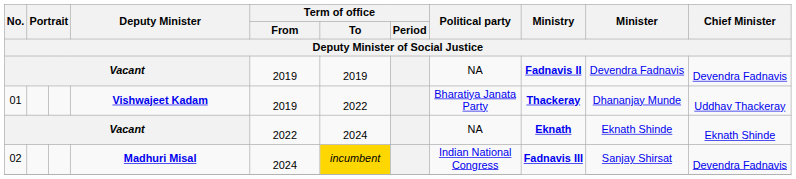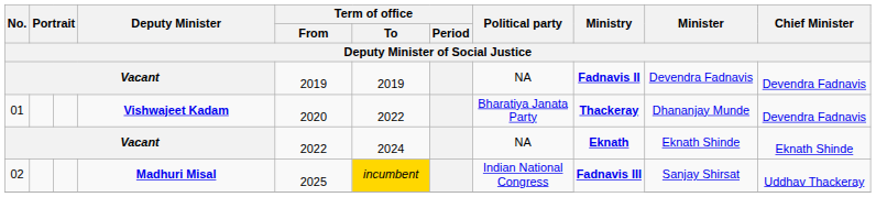 <table class="wikitable" style="text-align:center">
 <tr>
 <th rowspan="2">No.</th>
 <th rowspan="2" colspan="2">Portrait</th>
 <th rowspan="2" style="width:16em">Deputy Minister<br></th>
 <th colspan="3">Term of office</th>
 <th rowspan="2" style="width:8em">Political party</th>
 <th rowspan="2">Ministry</th>
 <th rowspan="2" style="width:9em">Minister</th>
 <th rowspan="2" style="width:9em">Chief Minister</th>
 </tr>
 <tr>
 <th style="width:6em">From</th>
 <th style="width:6em">To</th>
 <th>Period</th>
 </tr>
 <tr>
 <th colspan="11">Deputy Minister of Social Justice</th>
 </tr>
 <tr>
 <th colspan="04"><strong><em>Vacant</em></strong></th>
 <td><br>2019</td>
 <td><br>2019</td>
 <th></th>
 <td>NA</td>
 <td rowspan="1"><a href='#'><strong>Fadnavis II</strong></a></td>
 <td><a href='#'>Devendra Fadnavis</a></td>
 <td rowspan="1"> <br><a href='#'>Devendra Fadnavis</a></td>
 </tr>
 <tr>
 <td>01</td>
 <td style="color:inherit;background:"></td>
 <td></td>
 <td><strong><a href='#'>Vishwajeet Kadam</a></strong> <br> </td>
-<td><br>2019</td>
+<td><br>2020</td>
 <td><br>2022</td>
 <th></th>
 <td><a href='#'>Bharatiya Janata Party</a></td>
 <td rowspan="1"><a href='#'><strong>Thackeray</strong></a></td>
 <td><a href='#'>Dhananjay Munde</a></td>
-<td rowspan="1"> <br><a href='#'>Uddhav Thackeray</a></td>
+<td rowspan="1"> <br><a href='#'>Devendra Fadnavis</a></td>
 </tr>
 <tr>
 <th colspan="04"><strong><em>Vacant </em></strong></th>
 <td><br>2022</td>
 <td><br>2024</td>
 <th></th>
 <td>NA</td>
 <td rowspan="1"><a href='#'><strong>Eknath</strong></a></td>
 <td><a href='#'>Eknath Shinde</a></td>
 <td rowspan="1"> <br><a href='#'>Eknath Shinde</a></td>
 </tr>
 <tr>
 <td>02</td>
 <td style="color:inherit;background:"></td>
 <td></td>
 <td><strong><a href='#'>Madhuri Misal</a></strong> <br> </td>
-<td><br>2024</td>
+<td><br>2025</td>
 <td style="background: gold;"><em>incumbent</em></td>
 <th></th>
 <td><a href='#'>Indian National Congress</a></td>
 <td rowspan="2"><a href='#'><strong>Fadnavis III</strong></a></td>
 <td rowspan="1"><a href='#'>Sanjay Shirsat</a></td>
-<td rowspan="1"> <br><a href='#'>Devendra Fadnavis</a></td>
+<td rowspan="1"> <br><a href='#'>Uddhav Thackeray</a></td>
 </tr>
 <tr>
 </tr>
 </table>
